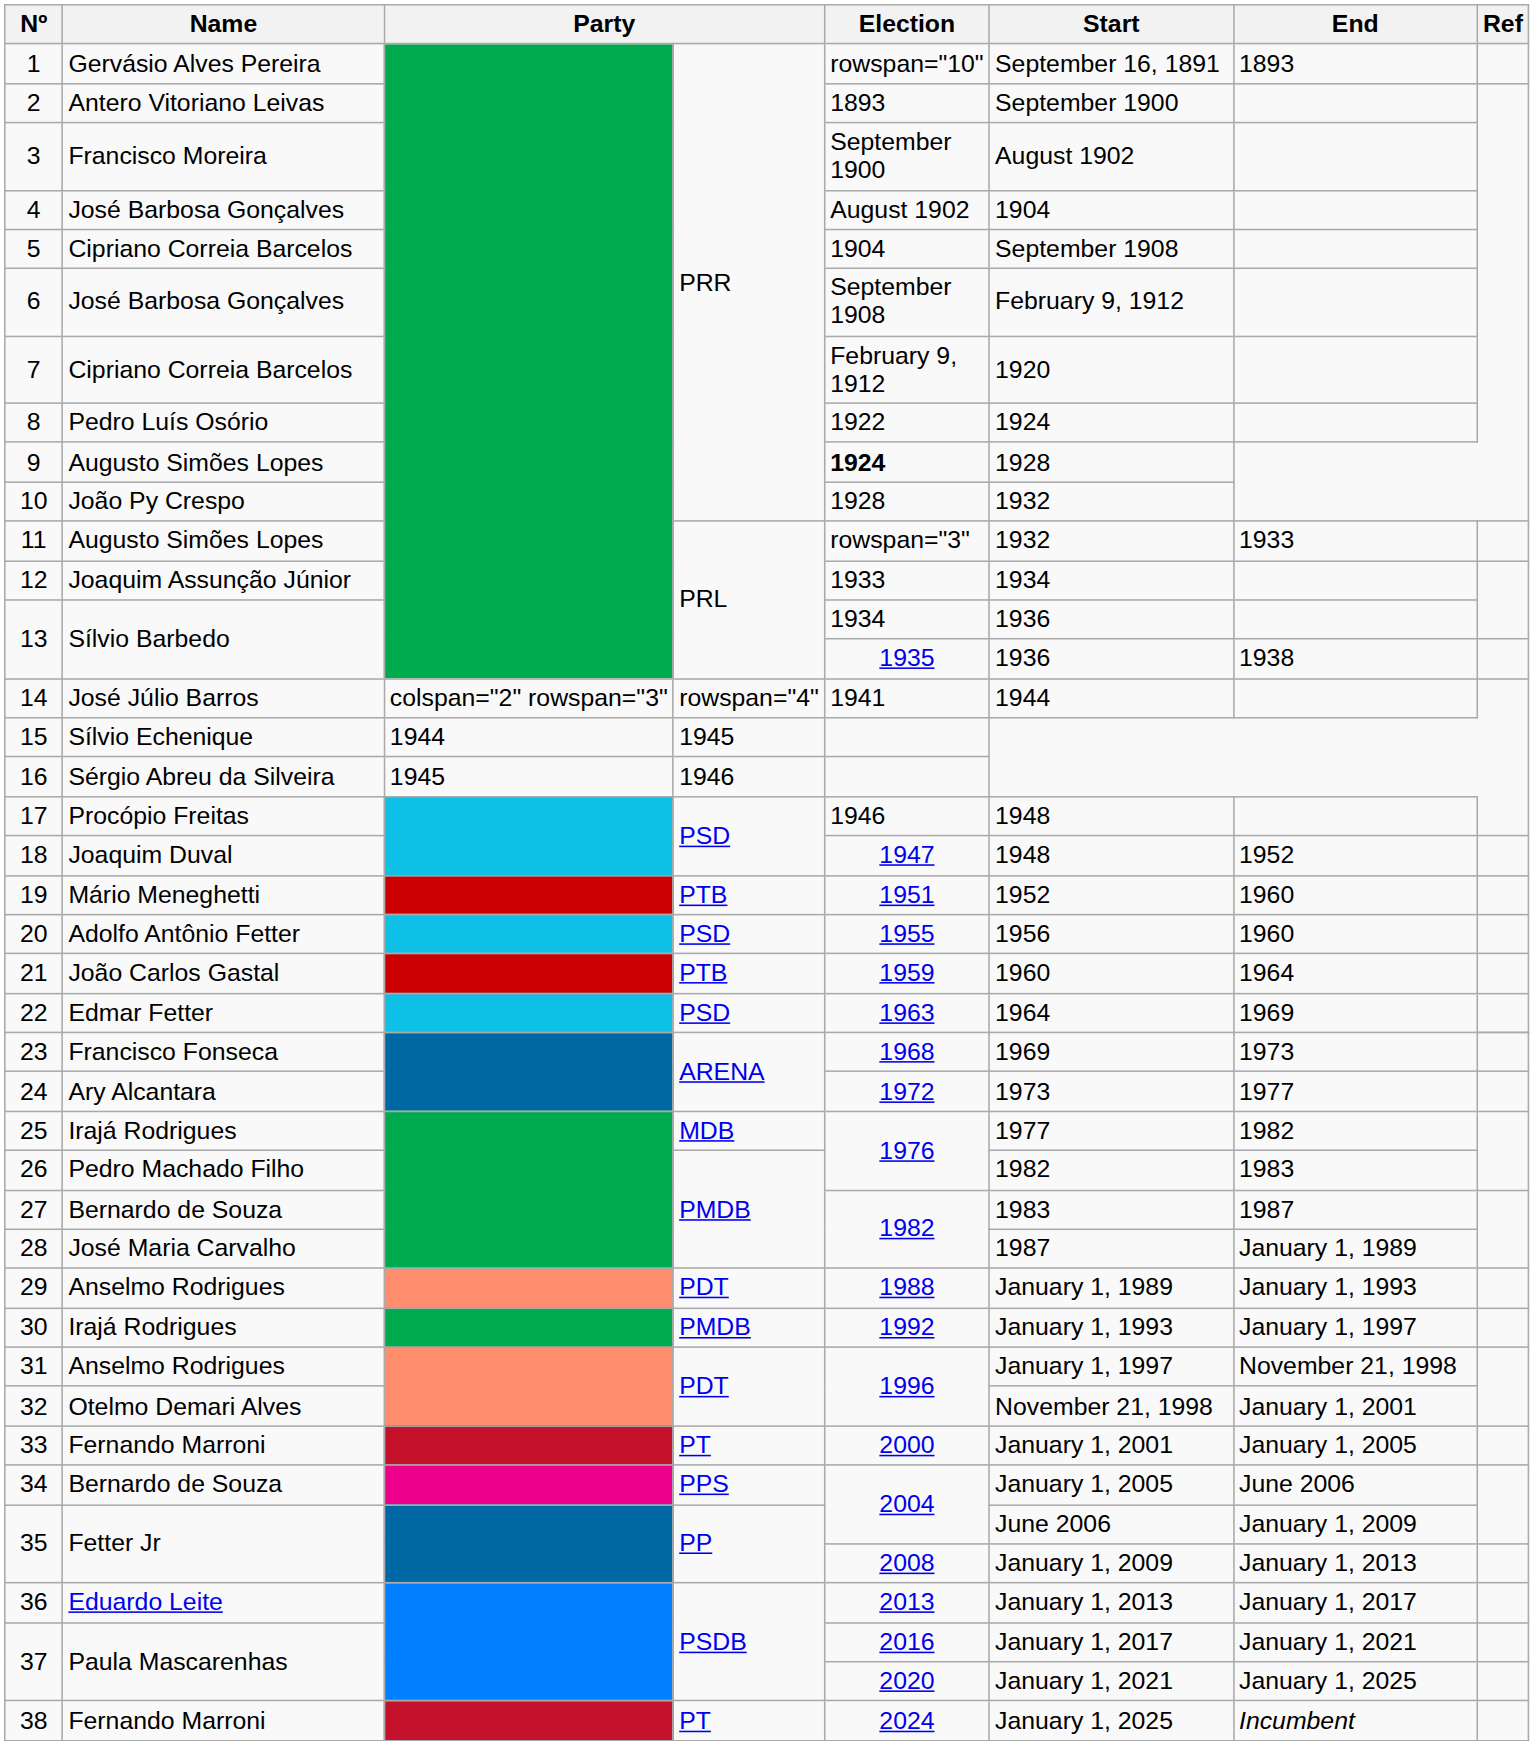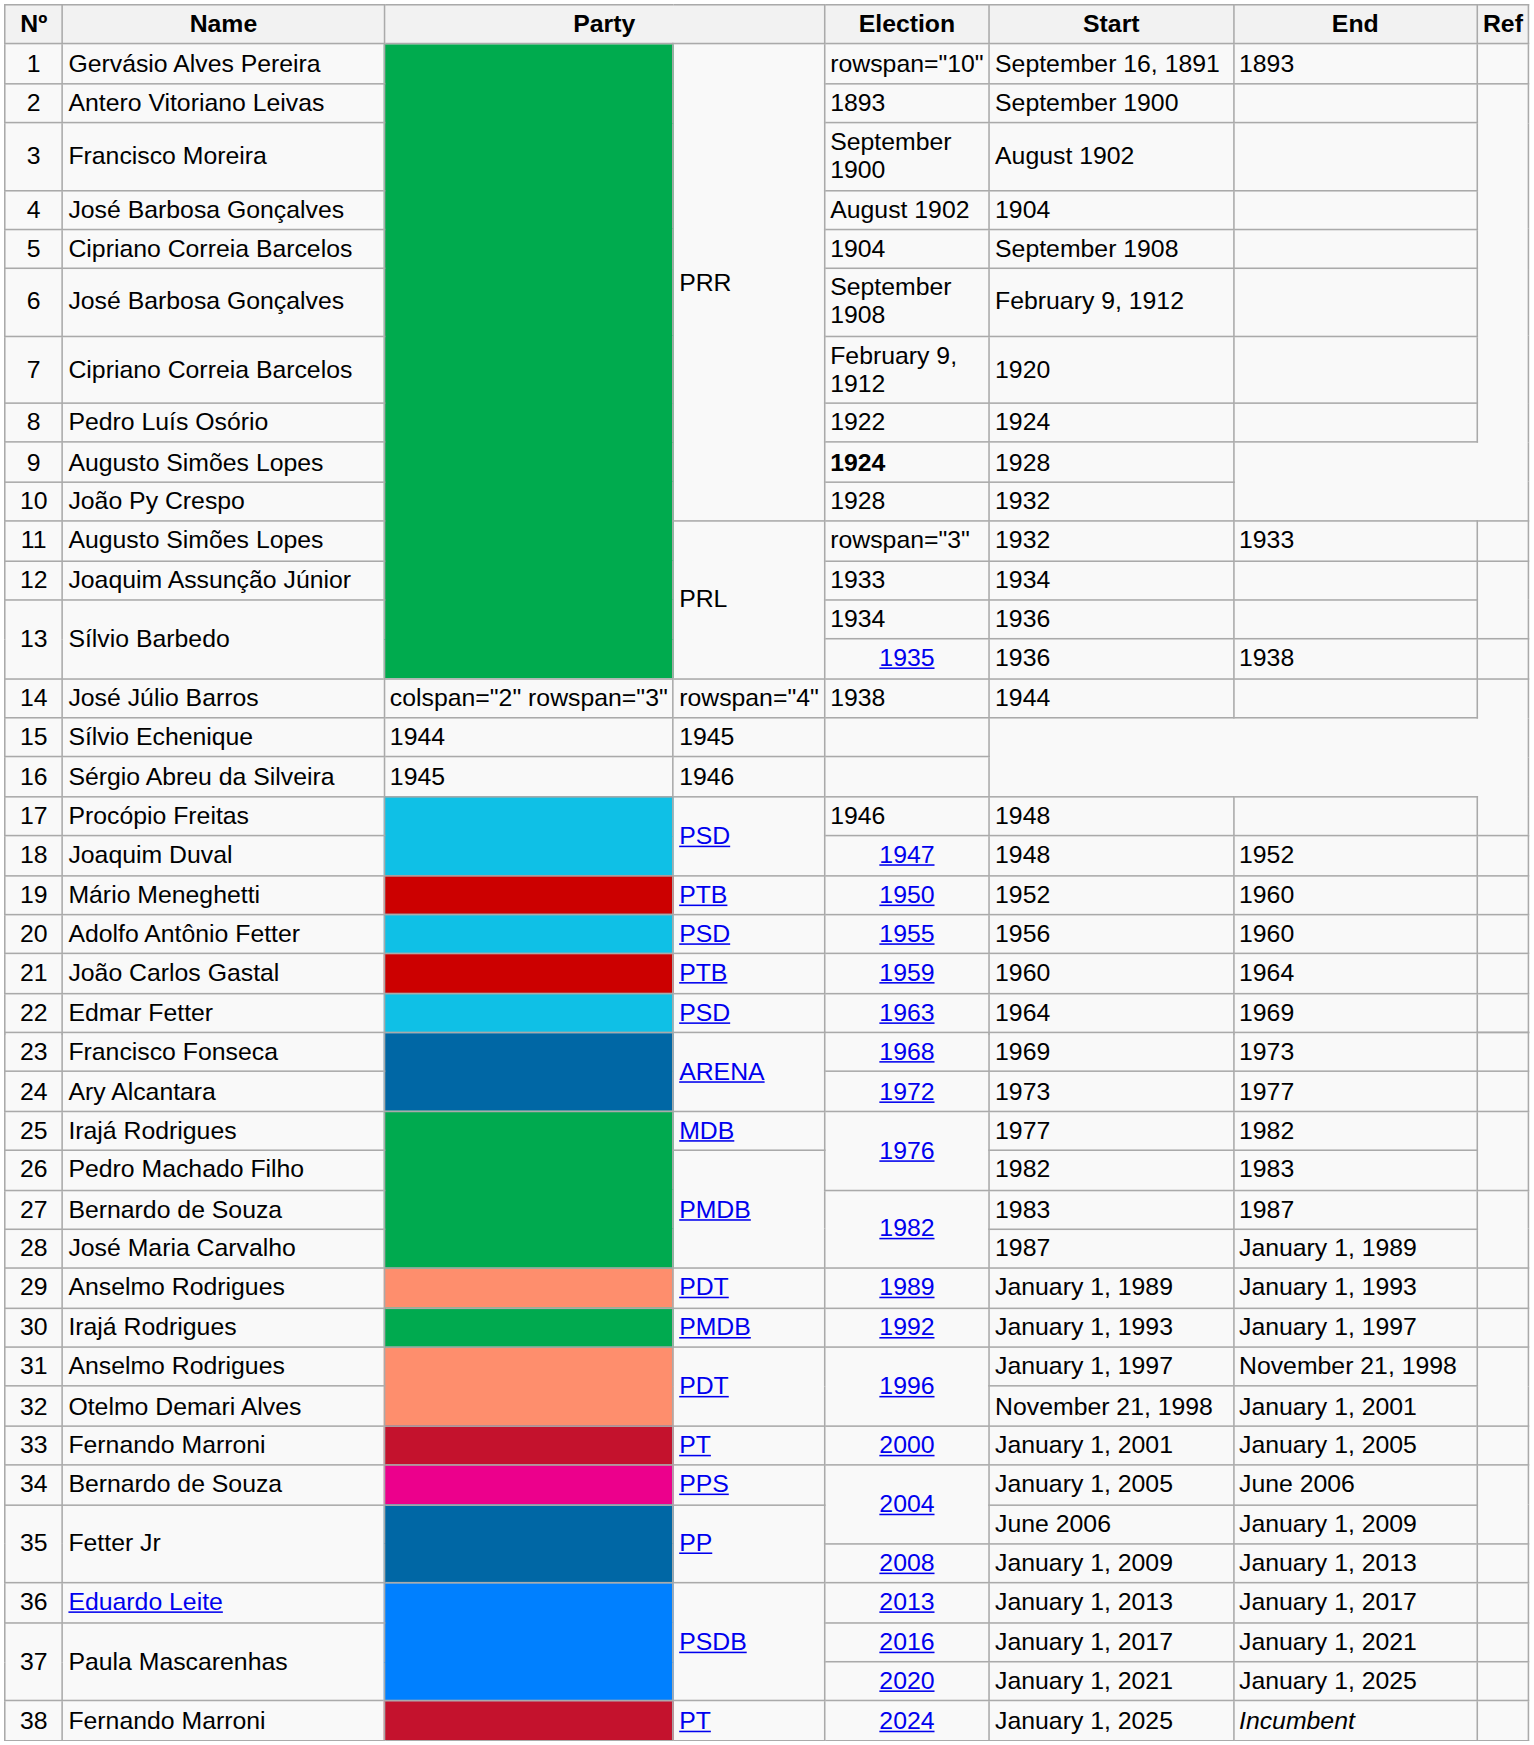 <table class="wikitable">
 <tr>
 <th width="30">Nº</th>
 <th width="200">Name</th>
 <th width="50" colspan="2">Party</th>
 <th width="75">Election</th>
 <th width="150">Start</th>
 <th width="150">End</th>
 <th>Ref</th>
 </tr>
 <tr>
 <td align=center>1</td>
 <td>Gervásio Alves Pereira</td>
 <td rowspan="14" bgcolor=00AB4E></td>
 <td rowspan="10">PRR</td>
 <td>rowspan="10" </td>
 <td>September 16, 1891</td>
 <td>1893</td>
 <td align=center></td>
 </tr>
 <tr>
 <td align=center>2</td>
 <td>Antero Vitoriano Leivas</td>
 <td>1893</td>
 <td>September 1900</td>
 <td align=center></td>
 </tr>
 <tr>
 <td align=center>3</td>
 <td>Francisco Moreira</td>
 <td>September 1900</td>
 <td>August 1902</td>
 <td align=center></td>
 </tr>
 <tr>
 <td align=center>4</td>
 <td>José Barbosa Gonçalves</td>
 <td>August 1902</td>
 <td>1904</td>
 <td align=center></td>
 </tr>
 <tr>
 <td align=center>5</td>
 <td>Cipriano Correia Barcelos</td>
 <td>1904</td>
 <td>September 1908</td>
 <td align=center></td>
 </tr>
 <tr>
 <td align=center>6</td>
 <td>José Barbosa Gonçalves</td>
 <td>September 1908</td>
 <td>February 9, 1912</td>
 <td align=center></td>
 </tr>
 <tr>
 <td align=center>7</td>
 <td>Cipriano Correia Barcelos</td>
 <td>February 9, 1912</td>
 <td>1920</td>
 <td align=center></td>
 </tr>
 <tr>
 <td align=center>8</td>
 <td>Pedro Luís Osório</td>
 <td>1922</td>
 <td>1924</td>
 <td align=center></td>
 </tr>
 <tr>
 <td align=center>9</td>
 <td>Augusto Simões Lopes</td>
 <td><strong>1924</strong></td>
 <td>1928</td>
 </tr>
 <tr>
 <td align=center>10</td>
 <td>João Py Crespo</td>
 <td>1928</td>
 <td>1932</td>
 </tr>
 <tr>
 <td align=center>11</td>
 <td>Augusto Simões Lopes</td>
 <td rowspan="4">PRL</td>
 <td>rowspan="3" </td>
 <td>1932</td>
 <td>1933</td>
 <td></td>
 </tr>
 <tr>
 <td align=center>12</td>
 <td>Joaquim Assunção Júnior</td>
 <td>1933</td>
 <td>1934</td>
 <td></td>
 </tr>
 <tr>
 <td rowspan="2" align=center>13</td>
 <td rowspan="2">Sílvio Barbedo</td>
 <td>1934</td>
 <td>1936</td>
 <td></td>
 </tr>
 <tr>
 <td align=center><a href='#'>1935</a></td>
 <td>1936</td>
 <td>1938</td>
 <td></td>
 </tr>
 <tr>
 <td align=center>14</td>
 <td>José Júlio Barros</td>
 <td>colspan="2" rowspan="3" </td>
 <td>rowspan="4" </td>
-<td>1941</td>
+<td>1938</td>
 <td>1944</td>
 <td></td>
 </tr>
 <tr>
 <td align=center>15</td>
 <td>Sílvio Echenique</td>
 <td>1944</td>
 <td>1945</td>
 <td></td>
 </tr>
 <tr>
 <td align=center>16</td>
 <td>Sérgio Abreu da Silveira</td>
 <td>1945</td>
 <td>1946</td>
 <td></td>
 </tr>
 <tr>
 <td align=center>17</td>
 <td>Procópio Freitas</td>
 <td rowspan="2" bgcolor=0fc0e6></td>
 <td rowspan="2"><a href='#'>PSD</a></td>
 <td>1946</td>
 <td>1948</td>
 <td></td>
 </tr>
 <tr>
 <td align=center>18</td>
 <td>Joaquim Duval</td>
 <td align=center><a href='#'>1947</a></td>
 <td>1948</td>
 <td>1952</td>
 <td align=center></td>
 </tr>
 <tr>
 <td align=center>19</td>
 <td>Mário Meneghetti</td>
 <td bgcolor=cc0000></td>
 <td><a href='#'>PTB</a></td>
-<td align=center><a href='#'>1951</a></td>
+<td align=center><a href='#'>1950</a></td>
 <td>1952</td>
 <td>1960</td>
 <td align=center></td>
 </tr>
 <tr>
 <td align=center>20</td>
 <td>Adolfo Antônio Fetter</td>
 <td bgcolor=0fc0e6></td>
 <td><a href='#'>PSD</a></td>
 <td align=center><a href='#'>1955</a></td>
 <td>1956</td>
 <td>1960</td>
 <td align=center></td>
 </tr>
 <tr>
 <td align=center>21</td>
 <td>João Carlos Gastal</td>
 <td bgcolor=cc0000></td>
 <td><a href='#'>PTB</a></td>
 <td align=center><a href='#'>1959</a></td>
 <td>1960</td>
 <td>1964</td>
 <td align=center></td>
 </tr>
 <tr>
 <td rowspan="2" align=center>22</td>
 <td rowspan="2">Edmar Fetter</td>
 <td bgcolor=0fc0e6></td>
 <td><a href='#'>PSD</a></td>
 <td rowspan="2" align=center><a href='#'>1963</a></td>
 <td rowspan="2">1964</td>
 <td rowspan="2">1969</td>
 <td align=center></td>
 </tr>
 <tr>
 <td rowspan="3" bgcolor=0067A5></td>
 <td rowspan="3" width="50"><a href='#'>ARENA</a></td>
 </tr>
 <tr>
 <td align=center>23</td>
 <td>Francisco Fonseca</td>
 <td align=center><a href='#'>1968</a></td>
 <td>1969</td>
 <td>1973</td>
 <td align=center></td>
 </tr>
 <tr>
 <td align=center>24</td>
 <td>Ary Alcantara</td>
 <td align=center><a href='#'>1972</a></td>
 <td>1973</td>
 <td>1977</td>
 <td align=center></td>
 </tr>
 <tr>
 <td align=center>25</td>
 <td>Irajá Rodrigues</td>
 <td rowspan="4" bgcolor=00aa4f></td>
 <td width="50"><a href='#'>MDB</a></td>
 <td rowspan="2" align=center><a href='#'>1976</a></td>
 <td>1977</td>
 <td>1982</td>
 <td rowspan="2" align=center></td>
 </tr>
 <tr>
 <td align=center>26</td>
 <td>Pedro Machado Filho</td>
 <td rowspan="3" width="50"><a href='#'>PMDB</a></td>
 <td>1982</td>
 <td>1983</td>
 </tr>
 <tr>
 <td align=center>27</td>
 <td>Bernardo de Souza</td>
 <td rowspan="2" align=center><a href='#'>1982</a></td>
 <td>1983</td>
 <td>1987</td>
 <td rowspan="2" align=center></td>
 </tr>
 <tr>
 <td align=center>28</td>
 <td>José Maria Carvalho</td>
 <td>1987</td>
 <td>January 1, 1989</td>
 </tr>
 <tr>
 <td align=center>29</td>
 <td>Anselmo Rodrigues</td>
 <td bgcolor=FE8E6D></td>
 <td width="50"><a href='#'>PDT</a></td>
-<td align=center><a href='#'>1988</a></td>
+<td align=center><a href='#'>1989</a></td>
 <td>January 1, 1989</td>
 <td>January 1, 1993</td>
 <td align=center></td>
 </tr>
 <tr>
 <td align=center>30</td>
 <td>Irajá Rodrigues</td>
 <td bgcolor=00aa4f></td>
 <td width="50"><a href='#'>PMDB</a></td>
 <td align=center><a href='#'>1992</a></td>
 <td>January 1, 1993</td>
 <td>January 1, 1997</td>
 <td align=center></td>
 </tr>
 <tr>
 <td align=center>31</td>
 <td>Anselmo Rodrigues</td>
 <td rowspan="2" bgcolor=FE8E6D></td>
 <td rowspan="2" width="50"><a href='#'>PDT</a></td>
 <td rowspan="2" align=center><a href='#'>1996</a></td>
 <td>January 1, 1997</td>
 <td>November 21, 1998</td>
 <td rowspan="2" align=center></td>
 </tr>
 <tr>
 <td align=center>32</td>
 <td>Otelmo Demari Alves</td>
 <td>November 21, 1998</td>
 <td>January 1, 2001</td>
 </tr>
 <tr>
 <td align=center>33</td>
 <td>Fernando Marroni</td>
 <td bgcolor=c4122d></td>
 <td width="50"><a href='#'>PT</a></td>
 <td align=center><a href='#'>2000</a></td>
 <td>January 1, 2001</td>
 <td>January 1, 2005</td>
 <td align=center></td>
 </tr>
 <tr>
 <td align=center>34</td>
 <td>Bernardo de Souza</td>
 <td bgcolor=ec008c></td>
 <td width="50"><a href='#'>PPS</a></td>
 <td rowspan="2" align=center><a href='#'>2004</a></td>
 <td>January 1, 2005</td>
 <td>June 2006</td>
 <td rowspan="2" align=center></td>
 </tr>
 <tr>
 <td rowspan="2" align=center>35</td>
 <td rowspan="2">Fetter Jr</td>
 <td rowspan="2" bgcolor=0067a5></td>
 <td rowspan="2" width="50"><a href='#'>PP</a></td>
 <td>June 2006</td>
 <td>January 1, 2009</td>
 </tr>
 <tr>
 <td align=center><a href='#'>2008</a></td>
 <td>January 1, 2009</td>
 <td>January 1, 2013</td>
 <td align=center></td>
 </tr>
 <tr>
 <td align=center>36</td>
 <td><a href='#'>Eduardo Leite</a></td>
 <td rowspan="3" bgcolor=0080ff></td>
 <td rowspan="3" width="50"><a href='#'>PSDB</a></td>
 <td align=center><a href='#'>2013</a></td>
 <td>January 1, 2013</td>
 <td>January 1, 2017</td>
 <td align=center></td>
 </tr>
 <tr>
 <td rowspan="2" align=center>37</td>
 <td rowspan="2">Paula Mascarenhas</td>
 <td align=center><a href='#'>2016</a></td>
 <td>January 1, 2017</td>
 <td>January 1, 2021</td>
 <td align=center></td>
 </tr>
 <tr>
 <td align=center><a href='#'>2020</a></td>
 <td>January 1, 2021</td>
 <td>January 1, 2025</td>
 <td align=center></td>
 </tr>
 <tr>
 <td align=center>38</td>
 <td>Fernando Marroni</td>
 <td bgcolor=c4122d></td>
 <td width="50"><a href='#'>PT</a></td>
 <td align=center><a href='#'>2024</a></td>
 <td>January 1, 2025</td>
 <td><em>Incumbent</em></td>
 <td align=center></td>
 </tr>
 </table>
